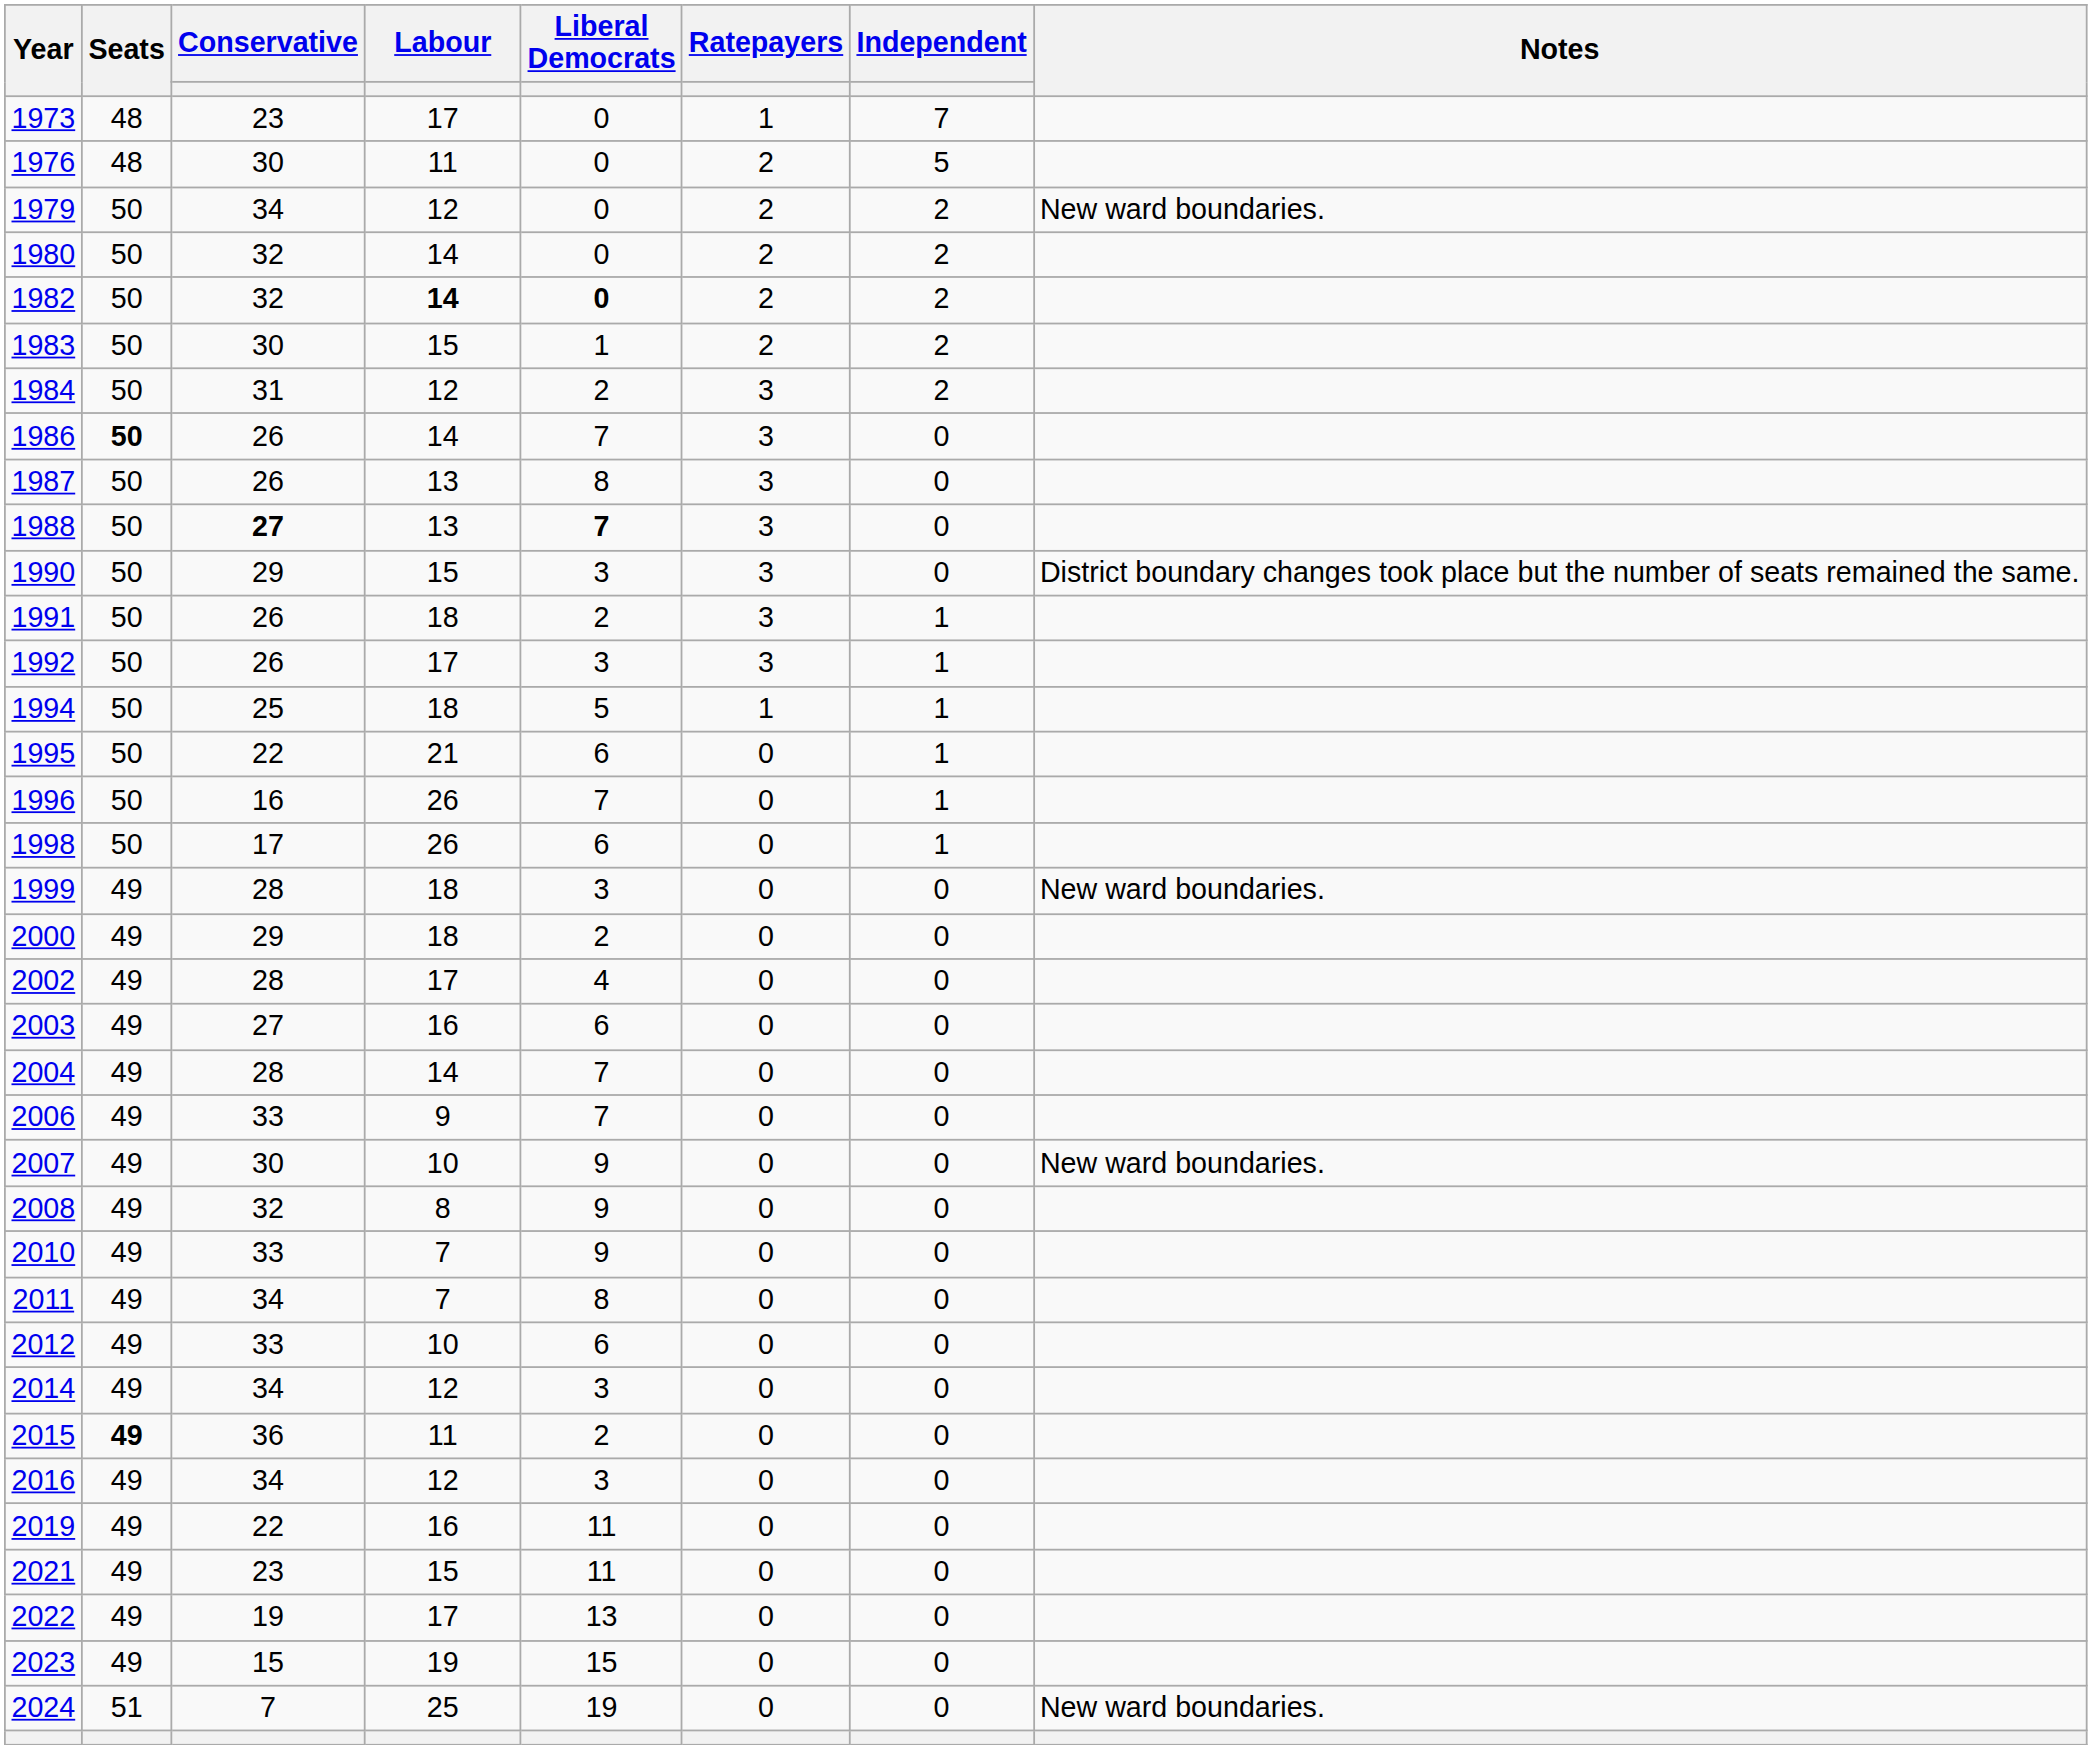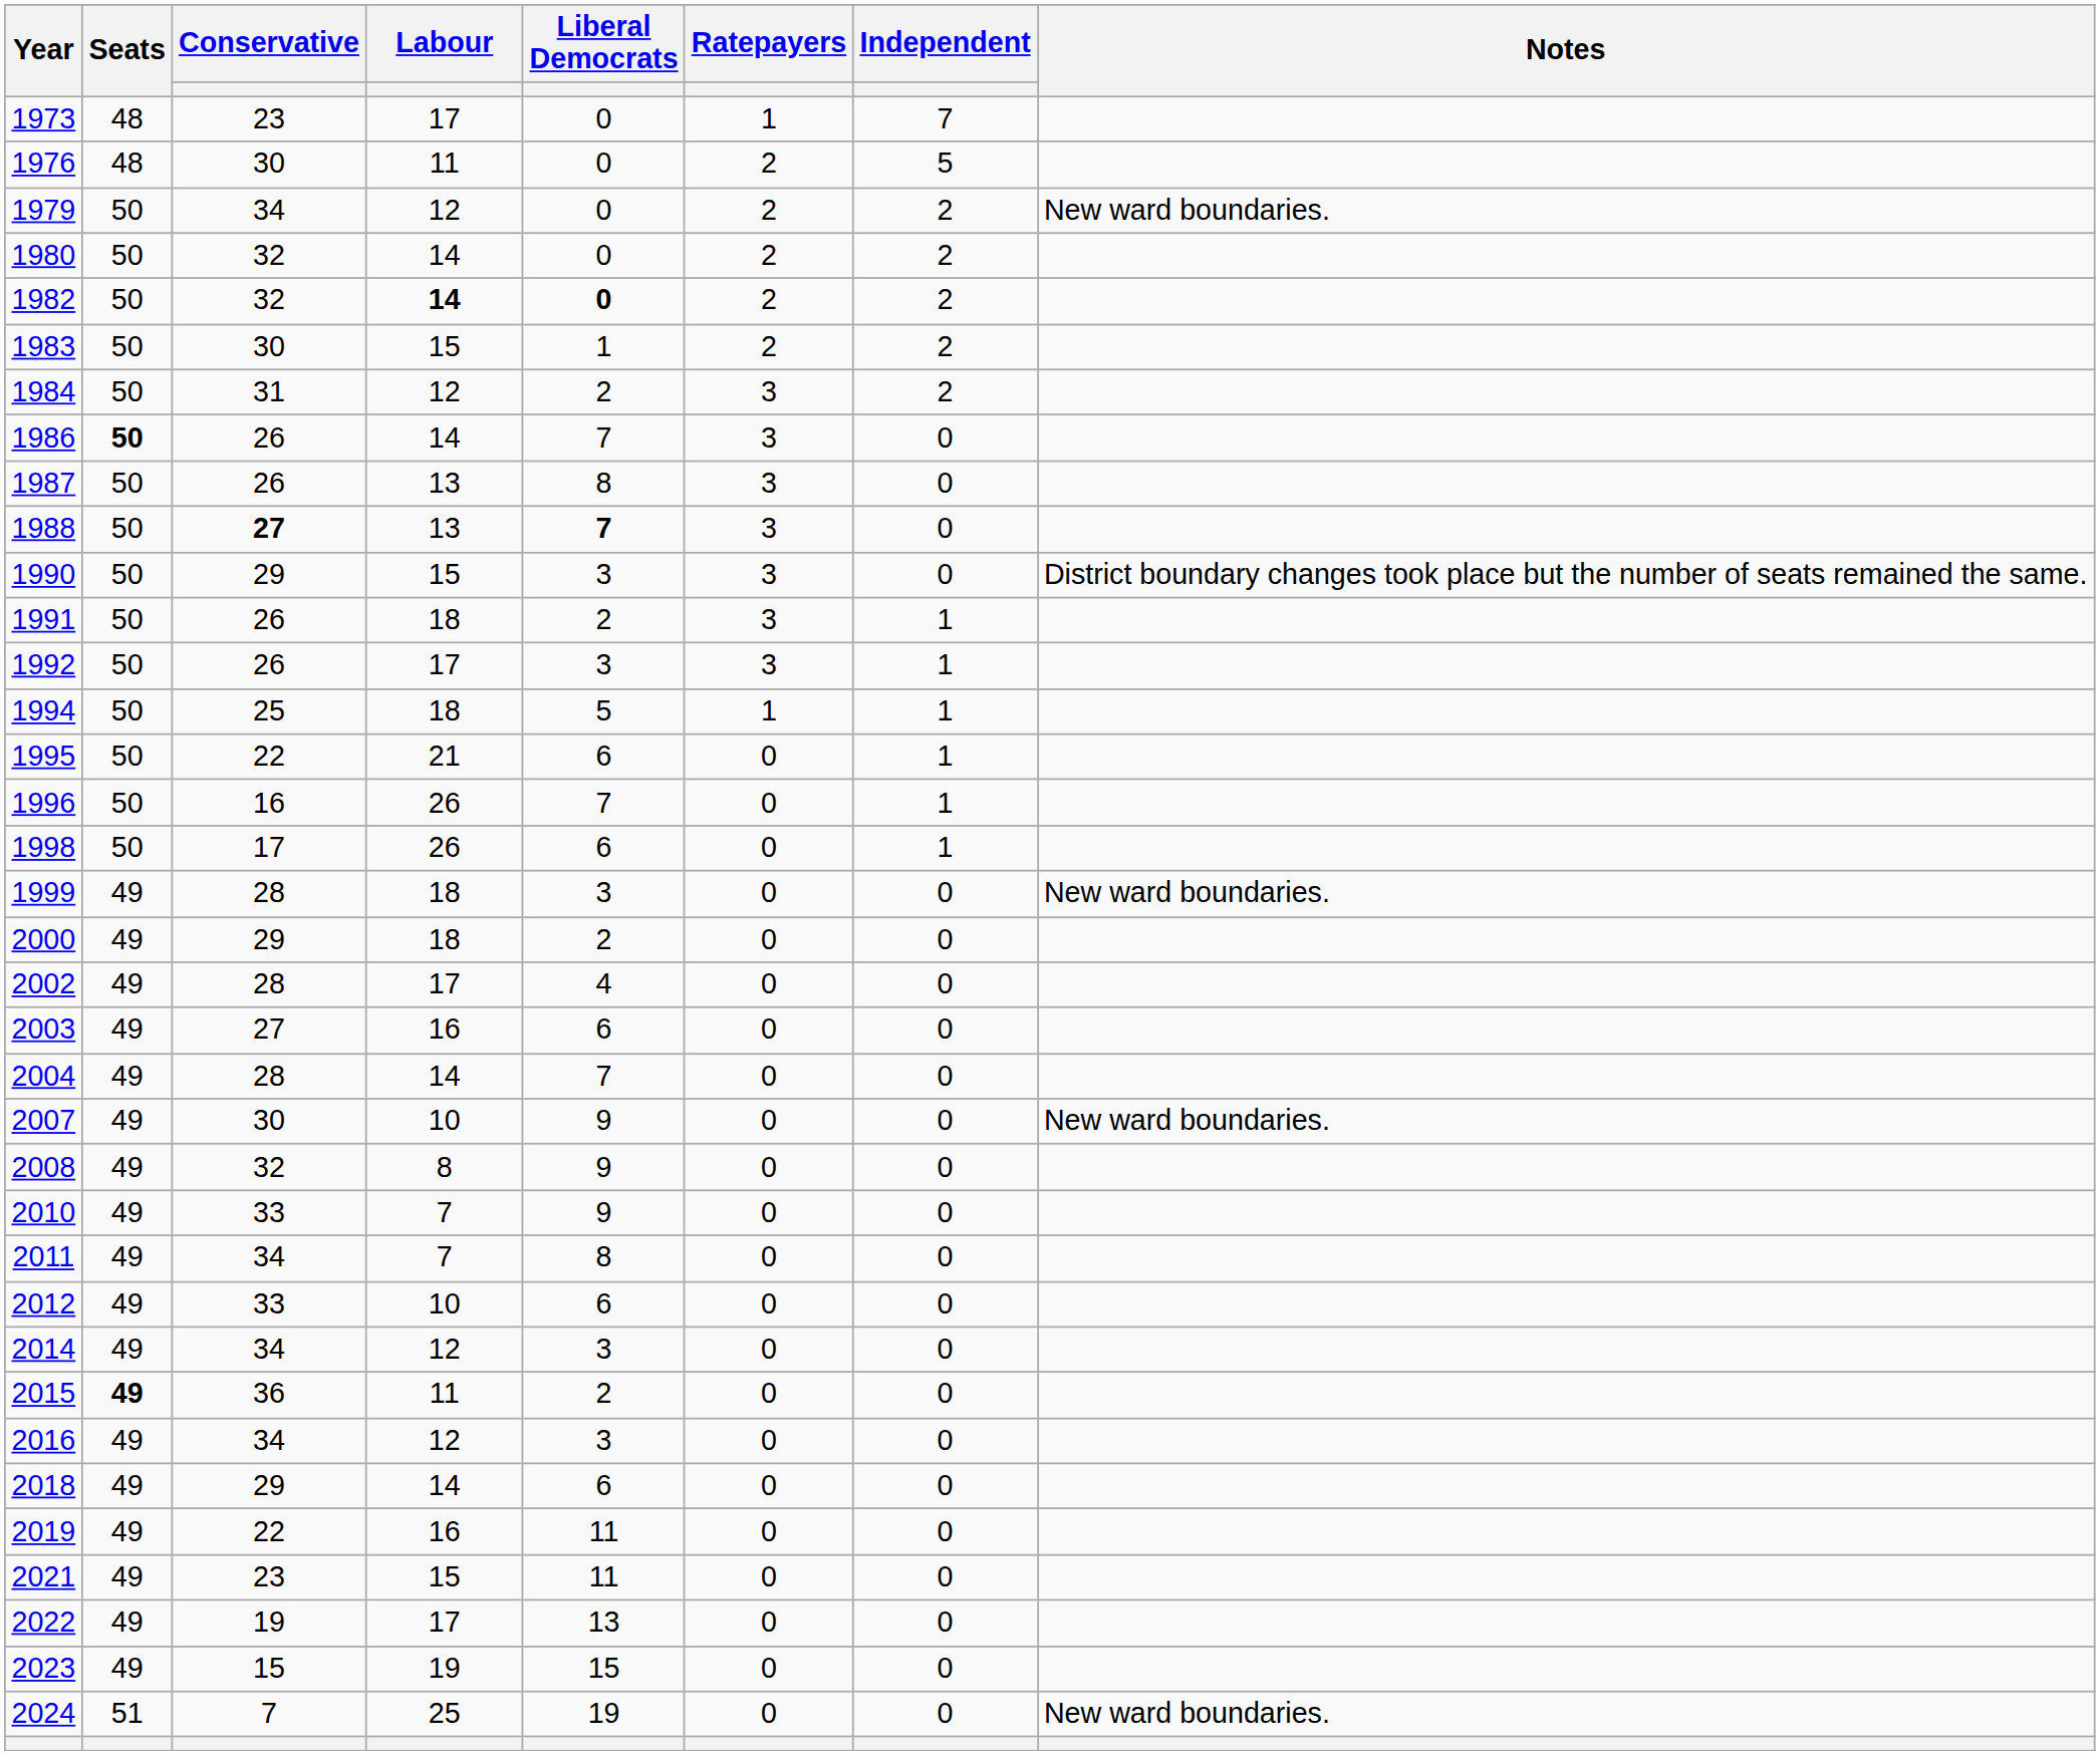 <table class="wikitable" style=text-align:center>
 <tr>
 <th rowspan=2><strong>Year</strong></th>
 <th rowspan=2><strong>Seats</strong></th>
 <th width="80"><a href='#'><strong>Conservative</strong></a></th>
 <th width="80"><a href='#'><strong>Labour</strong></a></th>
 <th width="80"><a href='#'><strong>Liberal Democrats</strong></a></th>
 <th width="80"><a href='#'><strong>Ratepayers</strong></a></th>
 <th width="80"><a href='#'><strong>Independent</strong></a></th>
 <th rowspan=2><strong>Notes</strong></th>
 </tr>
 <tr>
 <th style="background-color: "></th>
 <th style="background-color: "></th>
 <th style="background-color: "></th>
 <th style="background-color: "></th>
 <th style="background-color: "></th>
 </tr>
 <tr>
 <td><a href='#'>1973</a></td>
 <td>48</td>
 <td>23</td>
 <td>17</td>
 <td>0</td>
 <td>1</td>
 <td>7</td>
 <td align=left></td>
 </tr>
 <tr>
 <td><a href='#'>1976</a></td>
 <td>48</td>
 <td>30</td>
 <td>11</td>
 <td>0</td>
 <td>2</td>
 <td>5</td>
 <td align=left></td>
 </tr>
 <tr>
 <td><a href='#'>1979</a></td>
 <td>50</td>
 <td>34</td>
 <td>12</td>
 <td>0</td>
 <td>2</td>
 <td>2</td>
 <td align=left>New ward boundaries.</td>
 </tr>
 <tr>
 <td><a href='#'>1980</a></td>
 <td>50</td>
 <td>32</td>
 <td>14</td>
 <td>0</td>
 <td>2</td>
 <td>2</td>
 <td align=left></td>
 </tr>
 <tr>
 <td><a href='#'>1982</a></td>
 <td>50</td>
 <td>32</td>
 <td><strong>14</strong></td>
 <td><strong>0</strong></td>
 <td>2</td>
 <td>2</td>
 <td align=left></td>
 </tr>
 <tr>
 <td><a href='#'>1983</a></td>
 <td>50</td>
 <td>30</td>
 <td>15</td>
 <td>1</td>
 <td>2</td>
 <td>2</td>
 <td align=left></td>
 </tr>
 <tr>
 <td><a href='#'>1984</a></td>
 <td>50</td>
 <td>31</td>
 <td>12</td>
 <td>2</td>
 <td>3</td>
 <td>2</td>
 <td align=left></td>
 </tr>
 <tr>
 <td><a href='#'>1986</a></td>
 <td><strong>50</strong></td>
 <td>26</td>
 <td>14</td>
 <td>7</td>
 <td>3</td>
 <td>0</td>
 <td align=left></td>
 </tr>
 <tr>
 <td><a href='#'>1987</a></td>
 <td>50</td>
 <td>26</td>
 <td>13</td>
 <td>8</td>
 <td>3</td>
 <td>0</td>
 <td align=left></td>
 </tr>
 <tr>
 <td><a href='#'>1988</a></td>
 <td>50</td>
 <td><strong>27</strong></td>
 <td>13</td>
 <td><strong>7</strong></td>
 <td>3</td>
 <td>0</td>
 <td align=left></td>
 </tr>
 <tr>
 <td><a href='#'>1990</a></td>
 <td>50</td>
 <td>29</td>
 <td>15</td>
 <td>3</td>
 <td>3</td>
 <td>0</td>
 <td align=left>District boundary changes took place but the number of seats remained the same.</td>
 </tr>
 <tr>
 <td><a href='#'>1991</a></td>
 <td>50</td>
 <td>26</td>
 <td>18</td>
 <td>2</td>
 <td>3</td>
 <td>1</td>
 <td align=left></td>
 </tr>
 <tr>
 <td><a href='#'>1992</a></td>
 <td>50</td>
 <td>26</td>
 <td>17</td>
 <td>3</td>
 <td>3</td>
 <td>1</td>
 <td align=left></td>
 </tr>
 <tr>
 <td><a href='#'>1994</a></td>
 <td>50</td>
 <td>25</td>
 <td>18</td>
 <td>5</td>
 <td>1</td>
 <td>1</td>
 <td align=left></td>
 </tr>
 <tr>
 <td><a href='#'>1995</a></td>
 <td>50</td>
 <td>22</td>
 <td>21</td>
 <td>6</td>
 <td>0</td>
 <td>1</td>
 <td align=left></td>
 </tr>
 <tr>
 <td><a href='#'>1996</a></td>
 <td>50</td>
 <td>16</td>
 <td>26</td>
 <td>7</td>
 <td>0</td>
 <td>1</td>
 <td align=left></td>
 </tr>
 <tr>
 <td><a href='#'>1998</a></td>
 <td>50</td>
 <td>17</td>
 <td>26</td>
 <td>6</td>
 <td>0</td>
 <td>1</td>
 <td align=left></td>
 </tr>
 <tr>
 <td><a href='#'>1999</a></td>
 <td>49</td>
 <td>28</td>
 <td>18</td>
 <td>3</td>
 <td>0</td>
 <td>0</td>
 <td align=left>New ward boundaries.</td>
 </tr>
 <tr>
 <td><a href='#'>2000</a></td>
 <td>49</td>
 <td>29</td>
 <td>18</td>
 <td>2</td>
 <td>0</td>
 <td>0</td>
 <td align=left></td>
 </tr>
 <tr>
 <td><a href='#'>2002</a></td>
 <td>49</td>
 <td>28</td>
 <td>17</td>
 <td>4</td>
 <td>0</td>
 <td>0</td>
 <td align=left></td>
 </tr>
 <tr>
 <td><a href='#'>2003</a></td>
 <td>49</td>
 <td>27</td>
 <td>16</td>
 <td>6</td>
 <td>0</td>
 <td>0</td>
 <td align=left></td>
 </tr>
 <tr>
 <td><a href='#'>2004</a></td>
 <td>49</td>
 <td>28</td>
 <td>14</td>
 <td>7</td>
 <td>0</td>
 <td>0</td>
 <td align=left></td>
 </tr>
 <tr>
-<td><a href='#'>2006</a></td>
-<td>49</td>
-<td>33</td>
-<td>9</td>
-<td>7</td>
-<td>0</td>
-<td>0</td>
-<td align=left></td>
-</tr>
-<tr>
 <td><a href='#'>2007</a></td>
 <td>49</td>
 <td>30</td>
 <td>10</td>
 <td>9</td>
 <td>0</td>
 <td>0</td>
 <td align=left>New ward boundaries.</td>
 </tr>
 <tr>
 <td><a href='#'>2008</a></td>
 <td>49</td>
 <td>32</td>
 <td>8</td>
 <td>9</td>
 <td>0</td>
 <td>0</td>
 <td align=left></td>
 </tr>
 <tr>
 <td><a href='#'>2010</a></td>
 <td>49</td>
 <td>33</td>
 <td>7</td>
 <td>9</td>
 <td>0</td>
 <td>0</td>
 <td align=left></td>
 </tr>
 <tr>
 <td><a href='#'>2011</a></td>
 <td>49</td>
 <td>34</td>
 <td>7</td>
 <td>8</td>
 <td>0</td>
 <td>0</td>
 <td align=left></td>
 </tr>
 <tr>
 <td><a href='#'>2012</a></td>
 <td>49</td>
 <td>33</td>
 <td>10</td>
 <td>6</td>
 <td>0</td>
 <td>0</td>
 <td align=left></td>
 </tr>
 <tr>
 <td><a href='#'>2014</a></td>
 <td>49</td>
 <td>34</td>
 <td>12</td>
 <td>3</td>
 <td>0</td>
 <td>0</td>
 <td align=left></td>
 </tr>
 <tr>
 <td><a href='#'>2015</a></td>
 <td><strong>49</strong></td>
 <td>36</td>
 <td>11</td>
 <td>2</td>
 <td>0</td>
 <td>0</td>
 <td align=left></td>
 </tr>
 <tr>
 <td><a href='#'>2016</a></td>
 <td>49</td>
 <td>34</td>
 <td>12</td>
 <td>3</td>
 <td>0</td>
 <td>0</td>
 <td align=left></td>
 </tr>
 <tr>
+<td><a href='#'>2018</a></td>
+<td>49</td>
+<td>29</td>
+<td>14</td>
+<td>6</td>
+<td>0</td>
+<td>0</td>
+<td align=left></td>
+</tr>
+<tr>
 <td><a href='#'>2019</a></td>
 <td>49</td>
 <td>22</td>
 <td>16</td>
 <td>11</td>
 <td>0</td>
 <td>0</td>
 <td align=left></td>
 </tr>
 <tr>
 <td><a href='#'>2021</a></td>
 <td>49</td>
 <td>23</td>
 <td>15</td>
 <td>11</td>
 <td>0</td>
 <td>0</td>
 <td align=left></td>
 </tr>
 <tr>
 <td><a href='#'>2022</a></td>
 <td>49</td>
 <td>19</td>
 <td>17</td>
 <td>13</td>
 <td>0</td>
 <td>0</td>
 <td align=left></td>
 </tr>
 <tr>
 <td><a href='#'>2023</a></td>
 <td>49</td>
 <td>15</td>
 <td>19</td>
 <td>15</td>
 <td>0</td>
 <td>0</td>
 <td align=left></td>
 </tr>
 <tr>
 <td><a href='#'>2024</a></td>
 <td>51</td>
 <td>7</td>
 <td>25</td>
 <td>19</td>
 <td>0</td>
 <td>0</td>
 <td align=left>New ward boundaries.</td>
 </tr>
 <tr>
 <th></th>
 <th></th>
 <th style="background-color: "></th>
 <th style="background-color: "></th>
 <th style="background-color: "></th>
 <th style="background-color: "></th>
 <th style="background-color: "></th>
 <th></th>
 </tr>
 </table>
